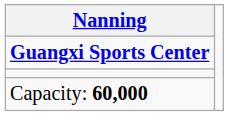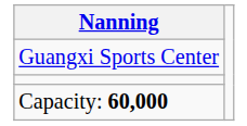 <table class="wikitable" style="margin-left: auto; margin-right: auto; border: none;">
 <tr>
 <th><a href='#'>Nanning</a></th>
 <td rowspan="4"><br></td>
 </tr>
 <tr>
-<td><strong><a href='#'>Guangxi Sports Center</a></strong></td>
+<td><a href='#'>Guangxi Sports Center</a></td>
 </tr>
 <tr>
 <td><small></small></td>
 </tr>
 <tr>
 <td>Capacity: <strong>60,000</strong></td>
 </tr>
 </table>
